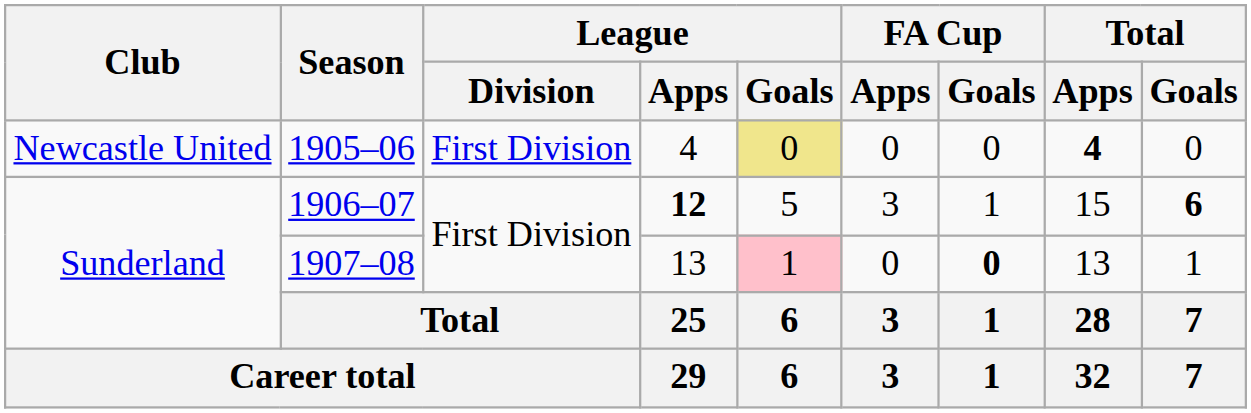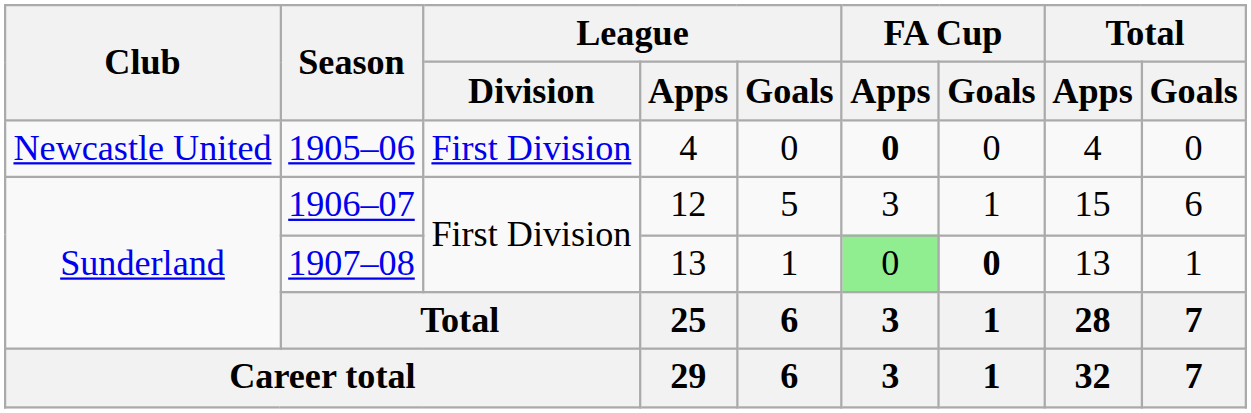 <table class="wikitable" style="text-align: center;">
 <tr>
 <th rowspan="2">Club</th>
 <th rowspan="2">Season</th>
 <th colspan="3">League</th>
 <th colspan="2">FA Cup</th>
 <th colspan="2">Total</th>
 </tr>
 <tr>
 <th>Division</th>
 <th>Apps</th>
 <th>Goals</th>
 <th>Apps</th>
 <th>Goals</th>
 <th>Apps</th>
 <th>Goals</th>
 </tr>
 <tr>
 <td><a href='#'>Newcastle United</a></td>
 <td><a href='#'>1905–06</a></td>
 <td><a href='#'>First Division</a></td>
 <td>4</td>
-<td style="background: khaki;">0</td>
 <td>0</td>
+<td><strong>0</strong></td>
 <td>0</td>
-<td><strong>4</strong></td>
+<td>4</td>
 <td>0</td>
 </tr>
 <tr>
 <td rowspan="3"><a href='#'>Sunderland</a></td>
 <td><a href='#'>1906–07</a></td>
 <td rowspan="2">First Division</td>
-<td><strong>12</strong></td>
+<td>12</td>
 <td>5</td>
 <td>3</td>
 <td>1</td>
 <td>15</td>
-<td><strong>6</strong></td>
+<td>6</td>
 </tr>
 <tr>
 <td><a href='#'>1907–08</a></td>
 <td>13</td>
-<td style="background: pink;">1</td>
-<td>0</td>
+<td>1</td>
+<td style="background: lightgreen;">0</td>
 <td><strong>0</strong></td>
 <td>13</td>
 <td>1</td>
 </tr>
 <tr>
 <th colspan="2">Total</th>
 <th>25</th>
 <th>6</th>
 <th>3</th>
 <th>1</th>
 <th>28</th>
 <th>7</th>
 </tr>
 <tr>
 <th colspan="3">Career total</th>
 <th>29</th>
 <th>6</th>
 <th>3</th>
 <th>1</th>
 <th>32</th>
 <th>7</th>
 </tr>
 </table>
